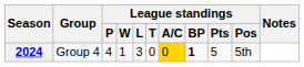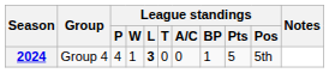 <table class="wikitable sortable">
 <tr>
 <th scope="col" rowspan="2">Season</th>
 <th scope="col" rowspan="2">Group</th>
 <th scope="col" colspan="8">League standings</th>
 <th scope="col" rowspan="2">Notes</th>
 </tr>
 <tr>
 <th scope="col">P</th>
 <th scope="col">W</th>
 <th scope="col">L</th>
 <th scope="col">T</th>
 <th scope="col">A/C</th>
 <th scope="col">BP</th>
 <th scope="col">Pts</th>
 <th scope="col">Pos</th>
 </tr>
 <tr>
 <th scope="row"><a href='#'>2024</a></th>
 <td>Group 4</td>
 <td>4</td>
 <td>1</td>
-<td>3</td>
+<td><strong>3</strong></td>
 <td>0</td>
-<td style="background: gold;">0</td>
-<td><strong>1</strong></td>
+<td>0</td>
+<td>1</td>
 <td>5</td>
 <td>5th</td>
 <td style="background: white;"></td>
 </tr>
 </table>
